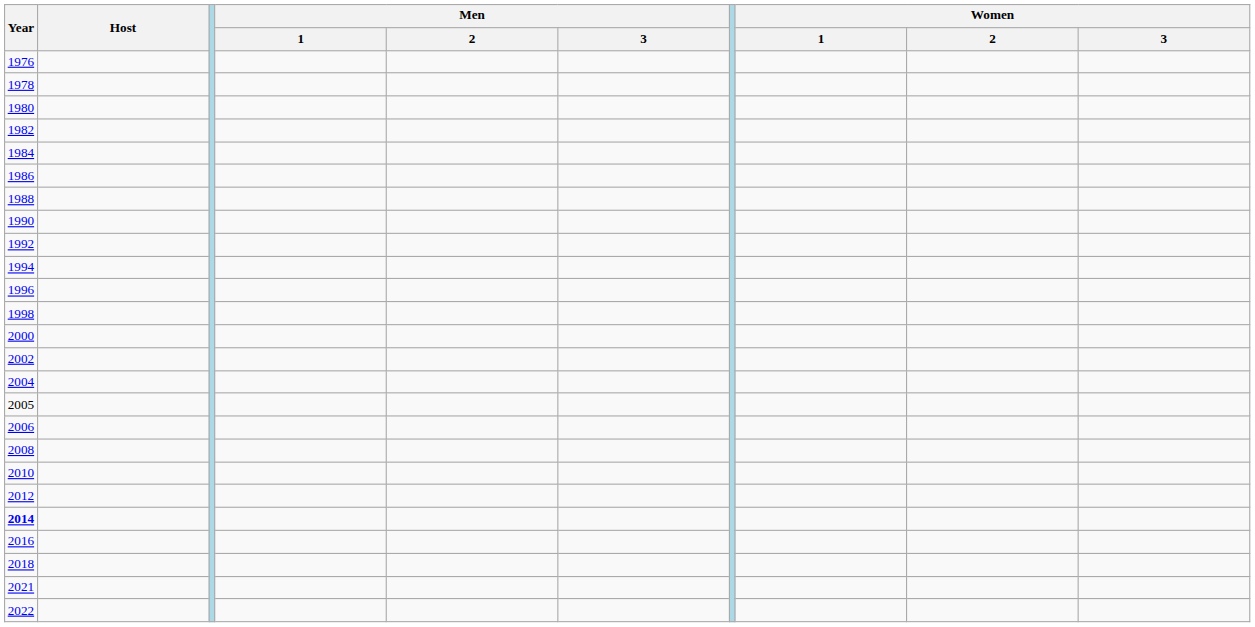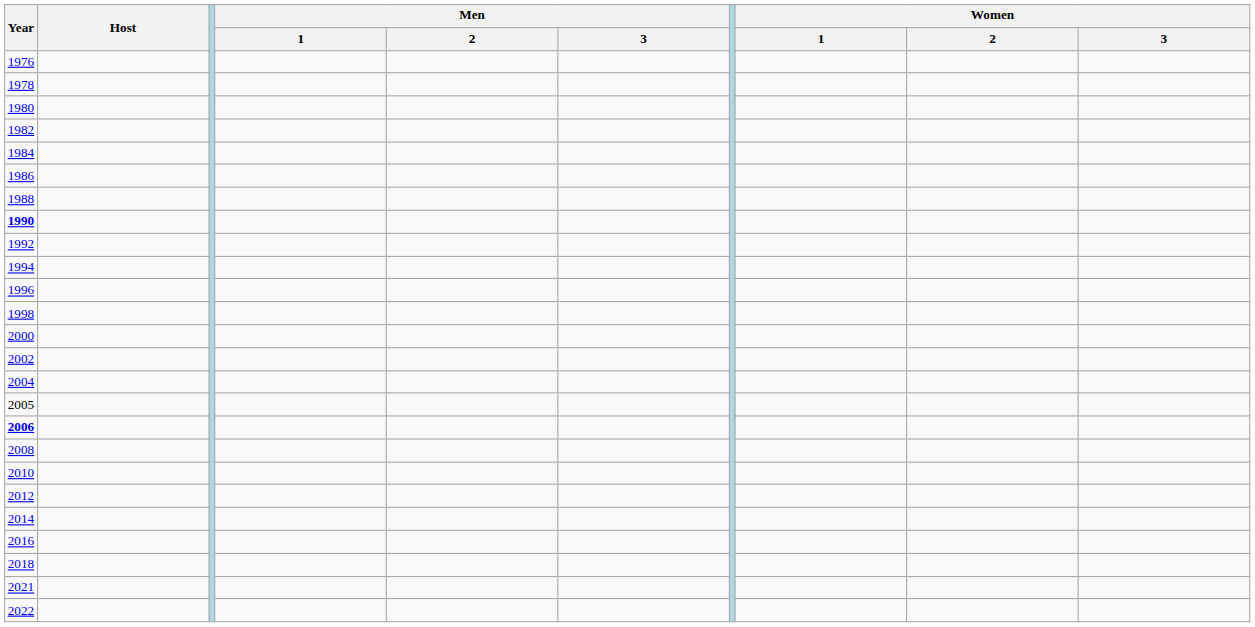 <table class="wikitable" style="text-align:center; font-size:75%">
 <tr>
 <th rowspan="2" style="width:20px;">Year</th>
 <th rowspan="2" style="width:150px;">Host</th>
 <td rowspan=27 bgcolor=lightblue></td>
 <th colspan=3>Men</th>
 <td rowspan=27 bgcolor=lightblue></td>
 <th colspan=3>Women</th>
 </tr>
 <tr>
 <th width=150>1</th>
 <th width=150>2</th>
 <th width=150>3</th>
 <th width=150>1</th>
 <th width=150>2</th>
 <th width=150>3</th>
 </tr>
 <tr align=left>
 <td><a href='#'>1976</a></td>
 <td></td>
 <td></td>
 <td></td>
 <td></td>
 <td></td>
 <td></td>
 <td></td>
 </tr>
 <tr align=left>
 <td><a href='#'>1978</a></td>
 <td></td>
 <td></td>
 <td></td>
 <td></td>
 <td></td>
 <td></td>
 <td></td>
 </tr>
 <tr align=left>
 <td><a href='#'>1980</a></td>
 <td></td>
 <td></td>
 <td></td>
 <td></td>
 <td></td>
 <td></td>
 <td></td>
 </tr>
 <tr align=left>
 <td><a href='#'>1982</a></td>
 <td></td>
 <td></td>
 <td></td>
 <td></td>
 <td></td>
 <td></td>
 <td></td>
 </tr>
 <tr align=left>
 <td><a href='#'>1984</a></td>
 <td></td>
 <td></td>
 <td></td>
 <td></td>
 <td></td>
 <td></td>
 <td></td>
 </tr>
 <tr align=left>
 <td><a href='#'>1986</a></td>
 <td></td>
 <td></td>
 <td></td>
 <td></td>
 <td></td>
 <td></td>
 <td></td>
 </tr>
 <tr align=left>
 <td><a href='#'>1988</a></td>
 <td></td>
 <td></td>
 <td></td>
 <td></td>
 <td></td>
 <td></td>
 <td></td>
 </tr>
 <tr align=left>
-<td><a href='#'>1990</a></td>
+<td><strong><a href='#'>1990</a></strong></td>
 <td></td>
 <td></td>
 <td></td>
 <td></td>
 <td></td>
 <td></td>
 <td></td>
 </tr>
 <tr align=left>
 <td><a href='#'>1992</a></td>
 <td></td>
 <td></td>
 <td></td>
 <td></td>
 <td></td>
 <td></td>
 <td></td>
 </tr>
 <tr align=left>
 <td><a href='#'>1994</a></td>
 <td></td>
 <td></td>
 <td></td>
 <td></td>
 <td></td>
 <td></td>
 <td></td>
 </tr>
 <tr align=left>
 <td><a href='#'>1996</a></td>
 <td></td>
 <td></td>
 <td></td>
 <td></td>
 <td></td>
 <td></td>
 <td></td>
 </tr>
 <tr align=left>
 <td><a href='#'>1998</a></td>
 <td></td>
 <td></td>
 <td></td>
 <td></td>
 <td></td>
 <td></td>
 <td></td>
 </tr>
 <tr align=left>
 <td><a href='#'>2000</a></td>
 <td></td>
 <td></td>
 <td></td>
 <td></td>
 <td></td>
 <td></td>
 <td></td>
 </tr>
 <tr align=left>
 <td><a href='#'>2002</a></td>
 <td></td>
 <td></td>
 <td></td>
 <td></td>
 <td></td>
 <td></td>
 <td></td>
 </tr>
 <tr align=left>
 <td><a href='#'>2004</a></td>
 <td></td>
 <td></td>
 <td></td>
 <td></td>
 <td></td>
 <td></td>
 <td></td>
 </tr>
 <tr align=left>
 <td>2005</td>
 <td></td>
 <td></td>
 <td></td>
 <td></td>
 <td></td>
 <td></td>
 <td></td>
 </tr>
 <tr align=left>
-<td><a href='#'>2006</a></td>
+<td><strong><a href='#'>2006</a></strong></td>
 <td></td>
 <td></td>
 <td></td>
 <td></td>
 <td></td>
 <td></td>
 <td></td>
 </tr>
 <tr align=left>
 <td><a href='#'>2008</a></td>
 <td></td>
 <td></td>
 <td></td>
 <td></td>
 <td></td>
 <td></td>
 <td></td>
 </tr>
 <tr align=left>
 <td><a href='#'>2010</a></td>
 <td></td>
 <td></td>
 <td></td>
 <td></td>
 <td></td>
 <td></td>
 <td></td>
 </tr>
 <tr align=left>
 <td><a href='#'>2012</a></td>
 <td></td>
 <td></td>
 <td></td>
 <td></td>
 <td></td>
 <td></td>
 <td></td>
 </tr>
 <tr align=left>
-<td><strong><a href='#'>2014</a></strong></td>
+<td><a href='#'>2014</a></td>
 <td></td>
 <td></td>
 <td></td>
 <td></td>
 <td></td>
 <td></td>
 <td></td>
 </tr>
 <tr align=left>
 <td><a href='#'>2016</a></td>
 <td></td>
 <td></td>
 <td></td>
 <td></td>
 <td></td>
 <td></td>
 <td></td>
 </tr>
 <tr align=left>
 <td><a href='#'>2018</a></td>
 <td></td>
 <td></td>
 <td></td>
 <td></td>
 <td></td>
 <td></td>
 <td></td>
 </tr>
 <tr align=left>
 <td><a href='#'>2021</a></td>
 <td></td>
 <td></td>
 <td></td>
 <td></td>
 <td></td>
 <td></td>
 <td></td>
 </tr>
 <tr align=left>
 <td><a href='#'>2022</a></td>
 <td></td>
 <td></td>
 <td></td>
 <td></td>
 <td></td>
 <td></td>
 <td></td>
 </tr>
 </table>
